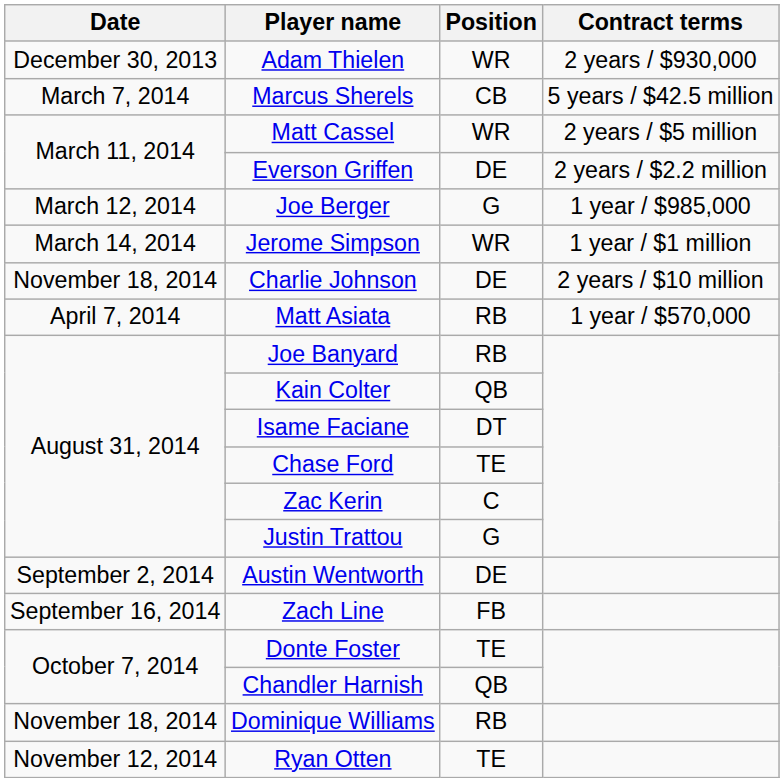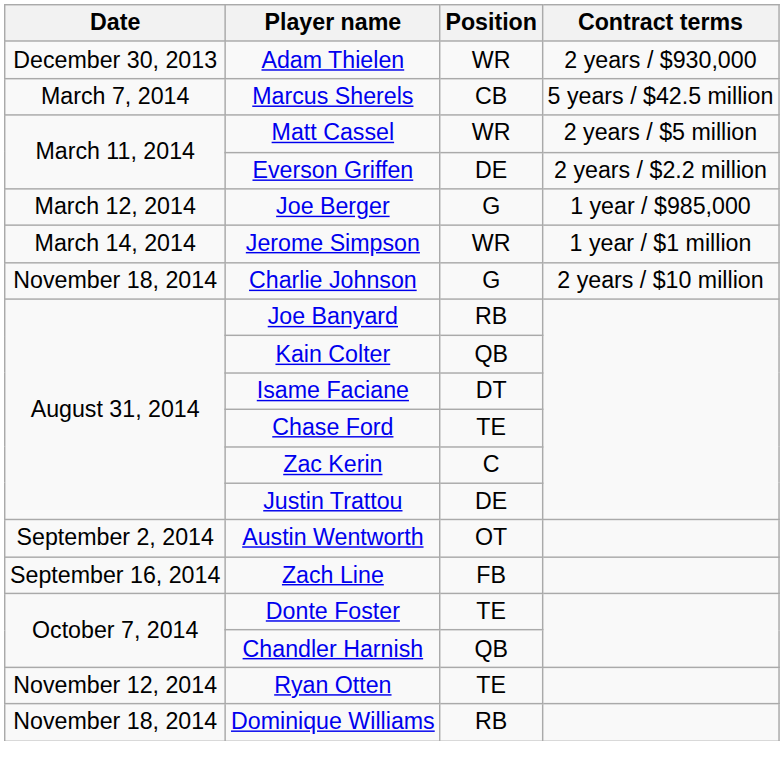 <table class="wikitable" style="text-align:center">
 <tr>
 <th>Date</th>
 <th>Player name</th>
 <th>Position</th>
 <th>Contract terms</th>
 </tr>
 <tr>
 <td>December 30, 2013</td>
 <td><a href='#'>Adam Thielen</a></td>
 <td>WR</td>
 <td>2 years / $930,000<br></td>
 </tr>
 <tr>
 <td>March 7, 2014</td>
 <td><a href='#'>Marcus Sherels</a></td>
 <td>CB</td>
 <td>5 years / $42.5 million</td>
 </tr>
 <tr>
 <td rowspan="2">March 11, 2014</td>
 <td><a href='#'>Matt Cassel</a></td>
 <td>WR</td>
 <td>2 years / $5 million</td>
 </tr>
 <tr>
 <td><a href='#'>Everson Griffen</a></td>
 <td>DE</td>
 <td>2 years / $2.2 million</td>
 </tr>
 <tr>
 <td>March 12, 2014</td>
 <td><a href='#'>Joe Berger</a></td>
 <td>G</td>
 <td>1 year / $985,000</td>
 </tr>
 <tr>
 <td>March 14, 2014</td>
 <td><a href='#'>Jerome Simpson</a></td>
 <td>WR</td>
 <td>1 year / $1 million</td>
 </tr>
 <tr>
 <td>November 18, 2014</td>
 <td><a href='#'>Charlie Johnson</a></td>
-<td>DE</td>
+<td>G</td>
 <td>2 years / $10 million</td>
-</tr>
-<tr>
-<td>April 7, 2014</td>
-<td><a href='#'>Matt Asiata</a></td>
-<td>RB</td>
-<td>1 year / $570,000</td>
 </tr>
 <tr>
 <td rowspan="6">August 31, 2014</td>
 <td><a href='#'>Joe Banyard</a></td>
 <td>RB</td>
 <td rowspan="6"></td>
 </tr>
 <tr>
 <td><a href='#'>Kain Colter</a></td>
 <td>QB</td>
 </tr>
 <tr>
 <td><a href='#'>Isame Faciane</a></td>
 <td>DT</td>
 </tr>
 <tr>
 <td><a href='#'>Chase Ford</a></td>
 <td>TE</td>
 </tr>
 <tr>
 <td><a href='#'>Zac Kerin</a></td>
 <td>C</td>
 </tr>
 <tr>
 <td><a href='#'>Justin Trattou</a></td>
-<td>G</td>
+<td>DE</td>
 </tr>
 <tr>
 <td>September 2, 2014</td>
 <td><a href='#'>Austin Wentworth</a></td>
-<td>DE</td>
+<td>OT</td>
 <td></td>
 </tr>
 <tr>
 <td>September 16, 2014</td>
 <td><a href='#'>Zach Line</a></td>
 <td>FB</td>
 <td></td>
 </tr>
 <tr>
 <td rowspan="2">October 7, 2014</td>
 <td><a href='#'>Donte Foster</a></td>
 <td>TE</td>
 <td rowspan="2"></td>
 </tr>
 <tr>
 <td><a href='#'>Chandler Harnish</a></td>
 <td>QB</td>
 </tr>
 <tr>
+<td>November 12, 2014</td>
+<td><a href='#'>Ryan Otten</a></td>
+<td>TE</td>
+<td></td>
+</tr>
+<tr>
 <td>November 18, 2014</td>
 <td><a href='#'>Dominique Williams</a></td>
 <td>RB</td>
 <td></td>
 </tr>
-<tr>
-<td>November 12, 2014</td>
-<td><a href='#'>Ryan Otten</a></td>
-<td>TE</td>
-<td></td>
-</tr>
 </table>
